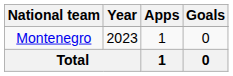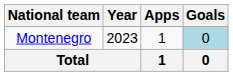 <table class="wikitable" style="text-align:center">
 <tr>
 <th>National team</th>
 <th>Year</th>
 <th>Apps</th>
 <th>Goals</th>
 </tr>
 <tr>
 <td rowspan=2><a href='#'>Montenegro</a></td>
 </tr>
 <tr>
 <td>2023</td>
 <td>1</td>
-<td>0</td>
+<td style="background: lightblue;">0</td>
 </tr>
 <tr>
 <th colspan=2>Total</th>
 <th>1</th>
 <th>0</th>
 </tr>
 </table>
